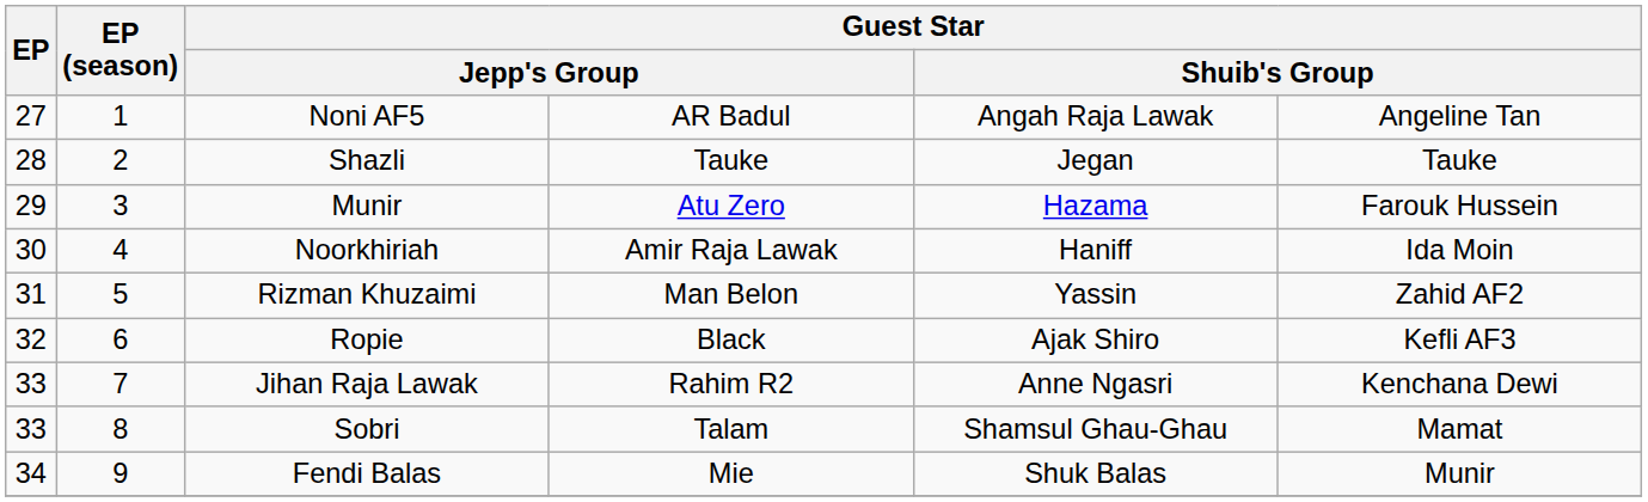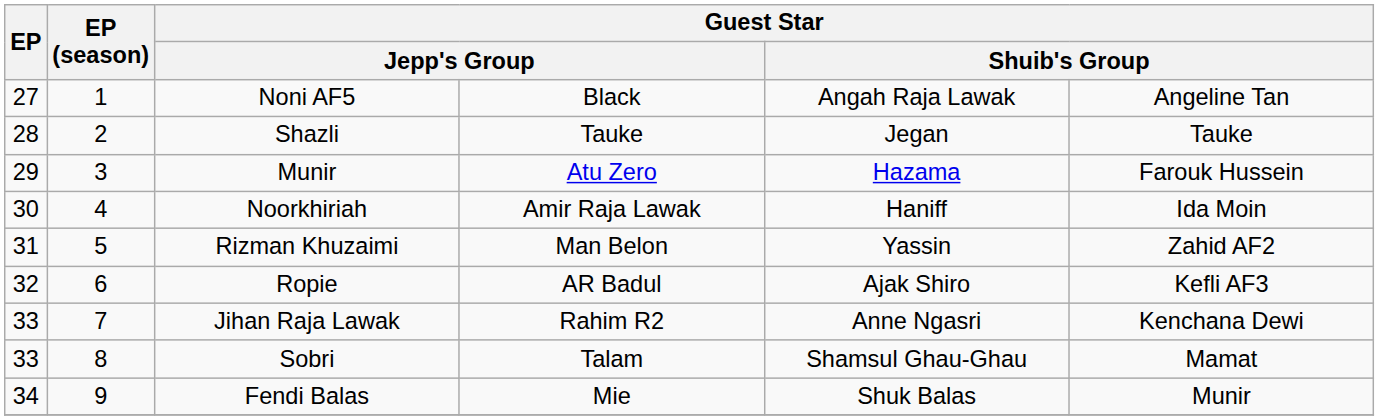 <table class="wikitable" style="text-align:center">
 <tr>
 <th rowspan=2>EP</th>
 <th rowspan=2>EP<br>(season)</th>
 <th colspan=4>Guest Star</th>
 </tr>
 <tr>
 <th colspan=2>Jepp's Group</th>
 <th colspan=2>Shuib's Group</th>
 </tr>
 <tr>
 <td>27</td>
 <td>1</td>
 <td style="width:200px">Noni AF5</td>
-<td style="width:200px">AR Badul</td>
+<td style="width:200px">Black</td>
 <td style="width:200px">Angah Raja Lawak</td>
 <td style="width:200px">Angeline Tan</td>
 </tr>
 <tr>
 <td>28</td>
 <td>2</td>
 <td style="width:200px">Shazli</td>
 <td style="width:200px">Tauke</td>
 <td style="width:200px">Jegan</td>
 <td style="width:200px">Tauke</td>
 </tr>
 <tr>
 <td>29</td>
 <td>3</td>
 <td style="width:200px">Munir</td>
 <td style="width:200px"><a href='#'>Atu Zero</a></td>
 <td style="width:200px"><a href='#'>Hazama</a></td>
 <td style="width:200px">Farouk Hussein</td>
 </tr>
 <tr>
 <td>30</td>
 <td>4</td>
 <td style="width:200px">Noorkhiriah</td>
 <td style="width:200px">Amir Raja Lawak</td>
 <td style="width:200px">Haniff</td>
 <td style="width:200px">Ida Moin</td>
 </tr>
 <tr>
 <td>31</td>
 <td>5</td>
 <td style="width:200px">Rizman Khuzaimi</td>
 <td style="width:200px">Man Belon</td>
 <td style="width:200px">Yassin</td>
 <td style="width:200px">Zahid AF2</td>
 </tr>
 <tr>
 <td>32</td>
 <td>6</td>
 <td style="width:200px">Ropie</td>
-<td style="width:200px">Black</td>
+<td style="width:200px">AR Badul</td>
 <td style="width:200px">Ajak Shiro</td>
 <td style="width:200px">Kefli AF3</td>
 </tr>
 <tr>
 <td>33</td>
 <td>7</td>
 <td style="width:200px">Jihan Raja Lawak</td>
 <td style="width:200px">Rahim R2</td>
 <td style="width:200px">Anne Ngasri</td>
 <td style="width:200px">Kenchana Dewi</td>
 </tr>
 <tr>
 <td>33</td>
 <td>8</td>
 <td style="width:200px">Sobri</td>
 <td style="width:200px">Talam</td>
 <td style="width:200px">Shamsul Ghau-Ghau</td>
 <td style="width:200px">Mamat</td>
 </tr>
 <tr>
 <td>34</td>
 <td>9</td>
 <td style="width:200px">Fendi Balas</td>
 <td style="width:200px">Mie</td>
 <td style="width:200px">Shuk Balas</td>
 <td style="width:200px">Munir</td>
 </tr>
 <tr>
 </tr>
 </table>
